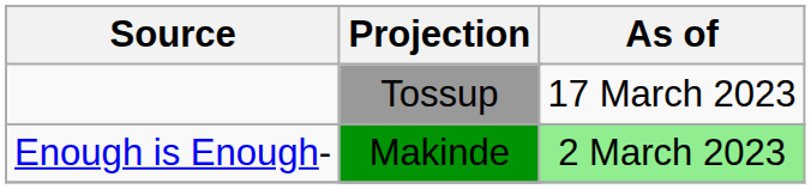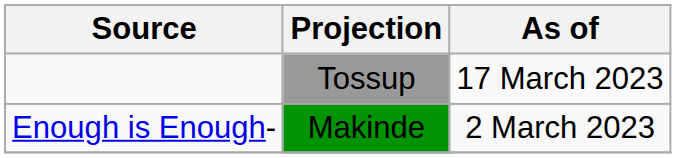 <table class="wikitable" style="text-align:center">
 <tr>
 <th>Source</th>
 <th colspan=2>Projection</th>
 <th>As of</th>
 </tr>
 <tr>
 <td align="left"></td>
 <td colspan=2 bgcolor=#999999>Tossup</td>
 <td>17 March 2023</td>
 </tr>
 <tr>
 <td align="left"><a href='#'>Enough is Enough</a>-<br></td>
 <td colspan=2 bgcolor=#009404>Makinde</td>
-<td style="background: lightgreen;">2 March 2023</td>
+<td>2 March 2023</td>
 </tr>
 <tr>
 </tr>
 </table>
